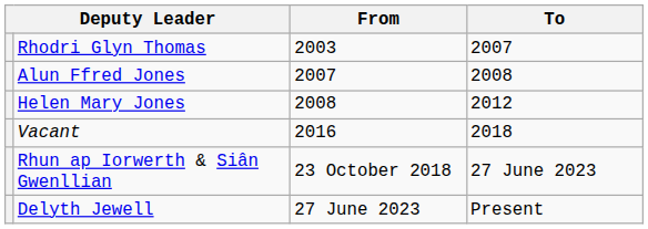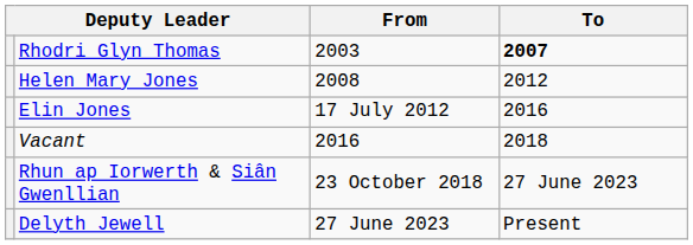 <table class="wikitable">
 <tr>
 <th colspan=2>Deputy Leader</th>
 <th>From</th>
 <th>To</th>
 </tr>
 <tr>
 <th style="background:"></th>
 <td style="width:200px;"><a href='#'>Rhodri Glyn Thomas</a></td>
 <td style="width:125px;">2003</td>
-<td style="width:125px;">2007</td>
-</tr>
-<tr>
-<th style="background:"></th>
-<td style="width:200px;"><a href='#'>Alun Ffred Jones</a></td>
-<td style="width:125px;">2007</td>
-<td style="width:125px;">2008</td>
+<td style="width:125px;"><strong>2007</strong></td>
 </tr>
 <tr>
 <th style="background:"></th>
 <td style="width:200px;"><a href='#'>Helen Mary Jones</a></td>
 <td style="width:125px;">2008</td>
 <td style="width:125px;">2012</td>
+</tr>
+<tr>
+<th style="background:"></th>
+<td style="width:200px;"><a href='#'>Elin Jones</a></td>
+<td style="width:125px;">17 July 2012</td>
+<td style="width:125px;">2016</td>
 </tr>
 <tr>
 <th style="background:"></th>
 <td style="width:200px;"><em>Vacant</em></td>
 <td style="width:125px;">2016</td>
 <td style="width:125px;">2018</td>
 </tr>
 <tr>
 <th style="background:"></th>
 <td style="width:200px;"><a href='#'>Rhun ap Iorwerth</a> & <a href='#'>Siân Gwenllian</a></td>
 <td style="width:125px;">23 October 2018</td>
 <td style="width:125px;">27 June 2023</td>
 </tr>
 <tr>
 <th style="background:"></th>
 <td><a href='#'>Delyth Jewell</a></td>
 <td>27 June 2023</td>
 <td>Present</td>
 </tr>
 </table>
